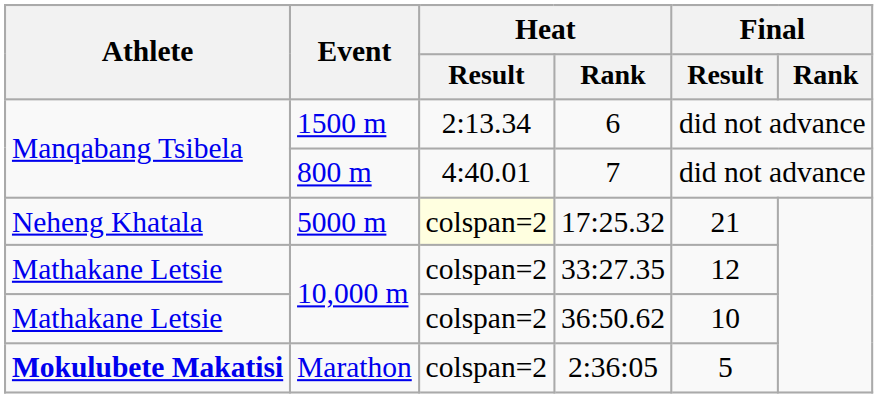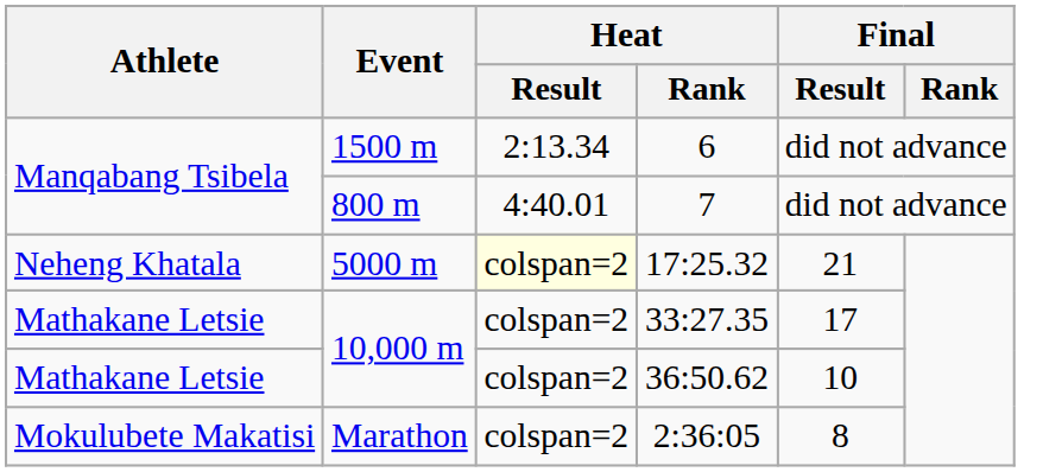 <table class="wikitable" style="font-size:90%; text-align:center">
 <tr>
 <th rowspan=2>Athlete</th>
 <th rowspan=2>Event</th>
 <th colspan=2>Heat</th>
 <th colspan=2>Final</th>
 </tr>
 <tr style="font-size:95%">
 <th>Result</th>
 <th>Rank</th>
 <th>Result</th>
 <th>Rank</th>
 </tr>
 <tr>
 <td align=left rowspan=2><a href='#'>Manqabang Tsibela</a></td>
 <td align=left rowspan=1><a href='#'>1500 m</a></td>
 <td>2:13.34</td>
 <td>6</td>
 <td colspan=2>did not advance</td>
 </tr>
 <tr>
 <td align=left rowspan=1><a href='#'>800 m</a></td>
 <td>4:40.01</td>
 <td>7</td>
 <td colspan=2>did not advance</td>
 </tr>
 <tr>
 <td align=left><a href='#'>Neheng Khatala</a></td>
 <td align=left rowspan=1><a href='#'>5000 m</a></td>
 <td style="background: lightyellow;">colspan=2 </td>
 <td>17:25.32</td>
 <td>21</td>
 </tr>
 <tr>
 <td align=left><a href='#'>Mathakane Letsie</a></td>
 <td align=left rowspan=2><a href='#'>10,000 m</a></td>
 <td>colspan=2 </td>
 <td>33:27.35</td>
-<td>12</td>
+<td>17</td>
 </tr>
 <tr>
 <td align=left><a href='#'>Mathakane Letsie</a></td>
 <td>colspan=2 </td>
 <td>36:50.62</td>
 <td>10</td>
 </tr>
 <tr>
-<td align=left><strong><a href='#'>Mokulubete Makatisi</a></strong></td>
+<td align=left><a href='#'>Mokulubete Makatisi</a></td>
 <td align=left rowspan=1><a href='#'>Marathon</a></td>
 <td>colspan=2 </td>
 <td>2:36:05</td>
-<td>5</td>
+<td>8</td>
 </tr>
 </table>
